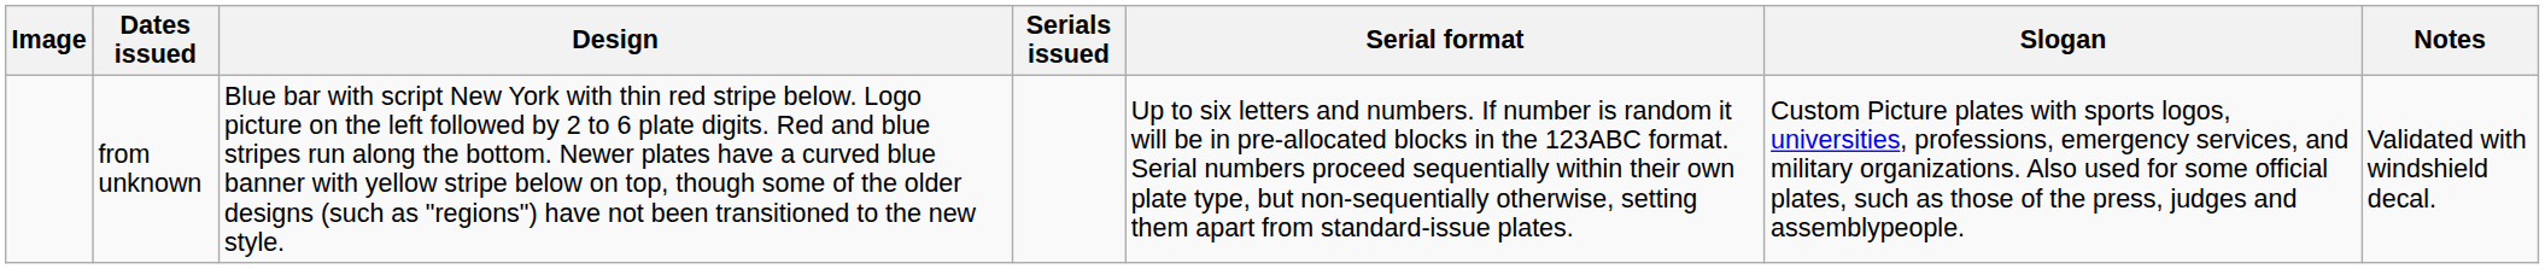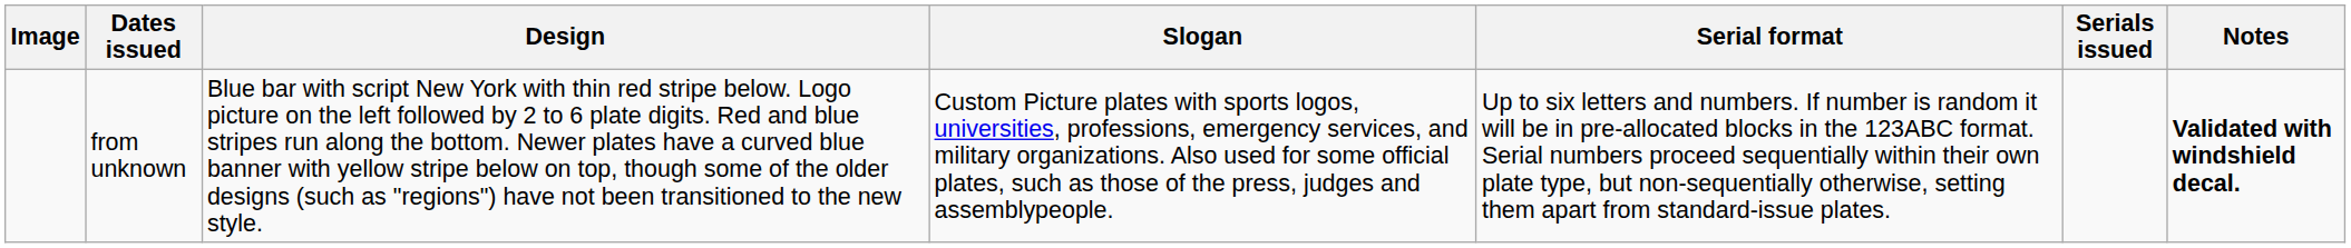 <table class="wikitable">
 <tr>
 <th>Image</th>
 <th>Dates issued</th>
 <th>Design</th>
+<th>Slogan</th>
+<th>Serial format</th>
 <th>Serials issued</th>
-<th>Serial format</th>
-<th>Slogan</th>
 <th>Notes</th>
 </tr>
 <tr>
 <td><br> </td>
 <td>from unknown</td>
 <td>Blue bar with script New York with thin red stripe below. Logo picture on the left followed by 2 to 6 plate digits. Red and blue stripes run along the bottom. Newer plates have a curved blue banner with yellow stripe below on top, though some of the older designs (such as "regions") have not been transitioned to the new style.</td>
+<td>Custom Picture plates with sports logos, <a href='#'>universities</a>, professions, emergency services, and military organizations. Also used for some official plates, such as those of the press, judges and assemblypeople.</td>
+<td>Up to six letters and numbers. If number is random it will be in pre-allocated blocks in the 123ABC format. Serial numbers proceed sequentially within their own plate type, but non-sequentially otherwise, setting them apart from standard-issue plates.</td>
 <td></td>
-<td>Up to six letters and numbers. If number is random it will be in pre-allocated blocks in the 123ABC format. Serial numbers proceed sequentially within their own plate type, but non-sequentially otherwise, setting them apart from standard-issue plates.</td>
-<td>Custom Picture plates with sports logos, <a href='#'>universities</a>, professions, emergency services, and military organizations. Also used for some official plates, such as those of the press, judges and assemblypeople.</td>
-<td>Validated with windshield decal.</td>
+<td><strong>Validated with windshield decal.</strong></td>
 </tr>
 </table>
